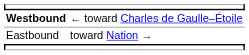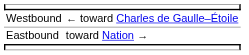 <table border=0 cellspacing=0 cellpadding=3>
 <tr>
 <td style="border-top:solid 1px gray;border-right:solid 2px black;border-left:solid 2px black;border-bottom:solid 2px black;text-align:center" colspan=2></td>
 </tr>
 <tr>
-<td style="border-bottom:solid 1px gray"><strong>Westbound</strong></td>
+<td style="border-bottom:solid 1px gray">Westbound</td>
 <td style="border-bottom:solid 1px gray">←   toward <a href='#'>Charles de Gaulle–Étoile</a> </td>
 </tr>
 <tr>
 <td>Eastbound</td>
 <td>   toward <a href='#'>Nation</a>  →</td>
 </tr>
 <tr>
 <td style="border-top:solid 2px black;border-right:solid 2px black;border-left:solid 2px black;border-bottom:solid 1px gray;text-align:center" colspan=2></td>
 </tr>
 </table>
